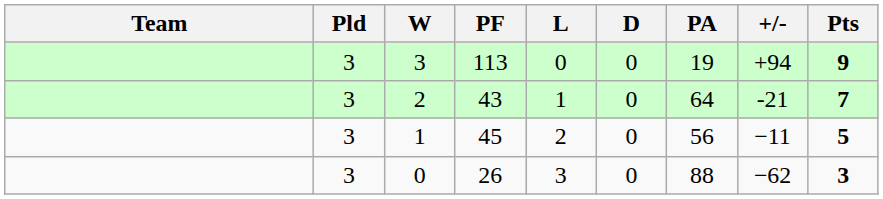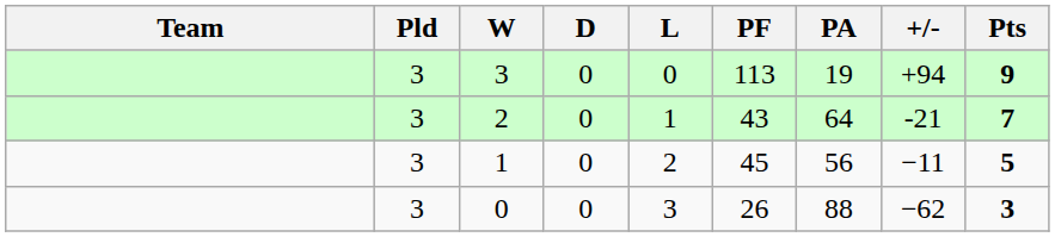 <table class="wikitable" style="text-align: center;">
 <tr>
 <th width="200">Team</th>
 <th width="40">Pld</th>
 <th width="40">W</th>
+<th width="40">D</th>
+<th width="40">L</th>
 <th width="40">PF</th>
-<th width="40">L</th>
-<th width="40">D</th>
 <th width="40">PA</th>
 <th width="40">+/-</th>
 <th width="40">Pts</th>
 </tr>
 <tr bgcolor=ccffcc>
 <td align=left></td>
 <td>3</td>
 <td>3</td>
-<td>113</td>
 <td>0</td>
 <td>0</td>
+<td>113</td>
 <td>19</td>
 <td>+94</td>
 <td><strong>9</strong></td>
 </tr>
 <tr bgcolor=ccffcc>
 <td align=left></td>
 <td>3</td>
 <td>2</td>
+<td>0</td>
+<td>1</td>
 <td>43</td>
-<td>1</td>
-<td>0</td>
 <td>64</td>
 <td>-21</td>
 <td><strong>7</strong></td>
 </tr>
 <tr>
 <td align=left></td>
 <td>3</td>
 <td>1</td>
+<td>0</td>
+<td>2</td>
 <td>45</td>
-<td>2</td>
-<td>0</td>
 <td>56</td>
 <td>−11</td>
 <td><strong>5</strong></td>
 </tr>
 <tr>
 <td align=left></td>
 <td>3</td>
 <td>0</td>
+<td>0</td>
+<td>3</td>
 <td>26</td>
-<td>3</td>
-<td>0</td>
 <td>88</td>
 <td>−62</td>
 <td><strong>3</strong></td>
 </tr>
 </table>
